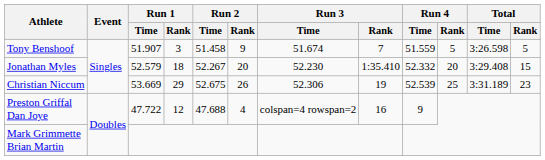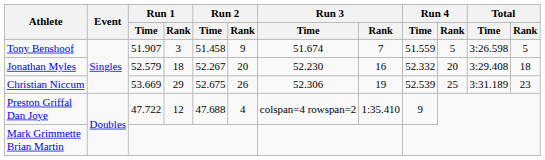 <table class=wikitable style=font-size:90%;text-align:center>
 <tr>
 <th rowspan=2>Athlete</th>
 <th rowspan=2>Event</th>
 <th colspan=2>Run 1</th>
 <th colspan=2>Run 2</th>
 <th colspan=2>Run 3</th>
 <th colspan=2>Run 4</th>
 <th colspan=2>Total</th>
 </tr>
 <tr style=font-size:95%>
 <th>Time</th>
 <th>Rank</th>
 <th>Time</th>
 <th>Rank</th>
 <th>Time</th>
 <th>Rank</th>
 <th>Time</th>
 <th>Rank</th>
 <th>Time</th>
 <th>Rank</th>
 </tr>
 <tr>
 <td align=left><a href='#'>Tony Benshoof</a></td>
 <td align=left rowspan=3><a href='#'>Singles</a></td>
 <td>51.907</td>
 <td>3</td>
 <td>51.458</td>
 <td>9</td>
 <td>51.674</td>
 <td>7</td>
 <td>51.559</td>
 <td>5</td>
 <td>3:26.598</td>
 <td>5</td>
 </tr>
 <tr>
 <td align=left><a href='#'>Jonathan Myles</a></td>
 <td>52.579</td>
 <td>18</td>
 <td>52.267</td>
 <td>20</td>
 <td>52.230</td>
-<td>1:35.410</td>
+<td>16</td>
 <td>52.332</td>
 <td>20</td>
 <td>3:29.408</td>
-<td>15</td>
+<td>18</td>
 </tr>
 <tr>
 <td align=left><a href='#'>Christian Niccum</a></td>
 <td>53.669</td>
 <td>29</td>
 <td>52.675</td>
 <td>26</td>
 <td>52.306</td>
 <td>19</td>
 <td>52.539</td>
 <td>25</td>
 <td>3:31.189</td>
 <td>23</td>
 </tr>
 <tr>
 <td align=left><a href='#'>Preston Griffal</a><br><a href='#'>Dan Joye</a></td>
 <td align=left rowspan=2><a href='#'>Doubles</a></td>
 <td>47.722</td>
 <td>12</td>
 <td>47.688</td>
 <td>4</td>
 <td>colspan=4 rowspan=2 </td>
-<td>16</td>
+<td>1:35.410</td>
 <td>9</td>
 </tr>
 <tr>
 <td align=left><a href='#'>Mark Grimmette</a><br><a href='#'>Brian Martin</a></td>
 <td colspan=4></td>
 <td colspan=2></td>
 </tr>
 </table>
